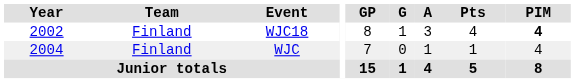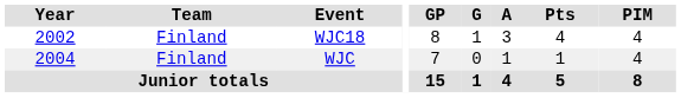 <table border="0" cellpadding="1" cellspacing="0" ID="Table3" style="text-align:center; width:40em">
 <tr ALIGN="center" bgcolor="#e0e0e0">
 <th>Year</th>
 <th>Team</th>
 <th>Event</th>
 <th rowspan="99" bgcolor="#ffffff"></th>
 <th>GP</th>
 <th>G</th>
 <th>A</th>
 <th>Pts</th>
 <th>PIM</th>
 </tr>
 <tr>
 <td><a href='#'>2002</a></td>
 <td><a href='#'>Finland</a></td>
 <td><a href='#'>WJC18</a></td>
 <td>8</td>
 <td>1</td>
 <td>3</td>
 <td>4</td>
-<td><strong>4</strong></td>
+<td>4</td>
 </tr>
 <tr bgcolor="#f0f0f0">
 <td><a href='#'>2004</a></td>
 <td><a href='#'>Finland</a></td>
 <td><a href='#'>WJC</a></td>
 <td>7</td>
 <td>0</td>
 <td>1</td>
 <td>1</td>
 <td>4</td>
 </tr>
 <tr bgcolor="#e0e0e0">
 <th colspan="3">Junior totals</th>
 <th>15</th>
 <th>1</th>
 <th>4</th>
 <th>5</th>
 <th>8</th>
 </tr>
 </table>
